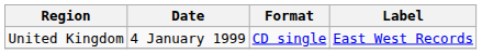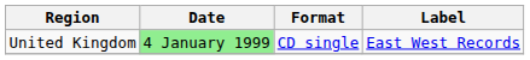 <table class=wikitable>
 <tr>
 <th>Region</th>
 <th>Date</th>
 <th>Format</th>
 <th>Label</th>
 </tr>
 <tr>
 <td>United Kingdom</td>
-<td>4 January 1999</td>
+<td style="background: lightgreen;">4 January 1999</td>
 <td><a href='#'>CD single</a></td>
 <td><a href='#'>East West Records</a></td>
 </tr>
 <tr>
 </tr>
 </table>
